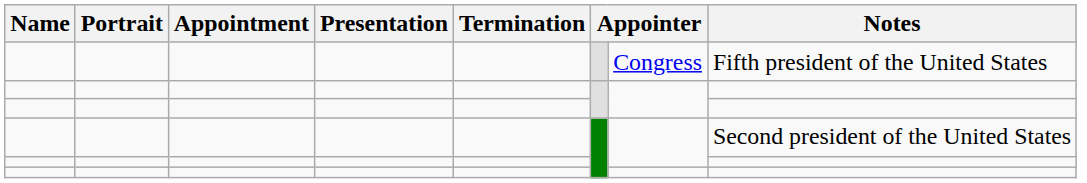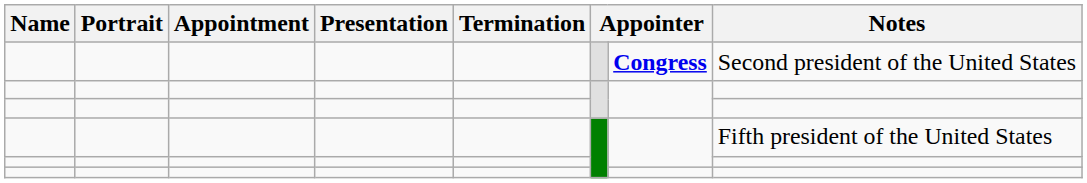 <table class="wikitable sortable"  text-align:center;">
 <tr>
 <th>Name</th>
 <th class="unsortable">Portrait</th>
 <th>Appointment</th>
 <th>Presentation</th>
 <th>Termination</th>
 <th colspan="2">Appointer</th>
 <th class="unsortable">Notes</th>
 </tr>
 <tr>
 <td></td>
 <td></td>
 <td></td>
 <td></td>
 <td></td>
 <td style="background:#e0e0e0;"> </td>
-<td><a href='#'>Congress</a></td>
-<td>Fifth president of the United States</td>
+<td><strong><a href='#'>Congress</a></strong></td>
+<td>Second president of the United States</td>
 </tr>
 <tr>
 <td></td>
 <td></td>
 <td></td>
 <td></td>
 <td></td>
 <td style="background:#e0e0e0;" rowspan="2"> </td>
 <td rowspan="2"></td>
 <td></td>
 </tr>
 <tr>
 <td></td>
 <td></td>
 <td></td>
 <td></td>
 <td></td>
 <td></td>
 </tr>
 <tr>
 <td></td>
 <td></td>
 <td></td>
 <td></td>
 <td></td>
 <td style="background:#008000;" rowspan="3"> </td>
 <td rowspan="2"></td>
-<td>Second president of the United States</td>
+<td>Fifth president of the United States</td>
 </tr>
 <tr>
 <td></td>
 <td></td>
 <td></td>
 <td></td>
 <td></td>
 <td></td>
 </tr>
 <tr>
 <td></td>
 <td></td>
 <td></td>
 <td></td>
 <td></td>
 <td></td>
 <td></td>
 </tr>
 </table>
